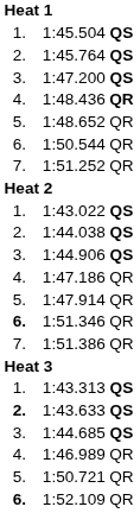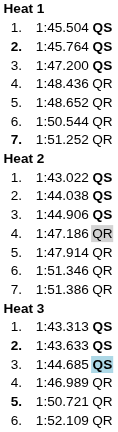 <table style="text-align:center">
 <tr>
 <td colspan=4 align=left><strong>Heat 1</strong></td>
 </tr>
 <tr>
 <td width=30>1.</td>
 <td align=left></td>
 <td width=60>1:45.504</td>
 <td><strong>QS</strong></td>
 </tr>
 <tr>
-<td>2.</td>
+<td><strong>2.</strong></td>
 <td align=left></td>
 <td>1:45.764</td>
 <td><strong>QS</strong></td>
 </tr>
 <tr>
 <td>3.</td>
 <td align=left></td>
 <td>1:47.200</td>
 <td><strong>QS</strong></td>
 </tr>
 <tr>
 <td>4.</td>
 <td align=left></td>
 <td>1:48.436</td>
-<td><strong>QR</strong></td>
+<td>QR</td>
 </tr>
 <tr>
 <td>5.</td>
 <td align=left></td>
 <td>1:48.652</td>
 <td>QR</td>
 </tr>
 <tr>
 <td>6.</td>
 <td align=left></td>
 <td>1:50.544</td>
 <td>QR</td>
 </tr>
 <tr>
-<td>7.</td>
+<td><strong>7.</strong></td>
 <td align=left></td>
 <td>1:51.252</td>
 <td>QR</td>
 </tr>
 <tr>
 <td colspan=4 align=left><strong>Heat 2</strong></td>
 </tr>
 <tr>
 <td>1.</td>
 <td align=left></td>
 <td>1:43.022</td>
 <td><strong>QS</strong></td>
 </tr>
 <tr>
 <td>2.</td>
 <td align=left></td>
 <td>1:44.038</td>
 <td><strong>QS</strong></td>
 </tr>
 <tr>
 <td>3.</td>
 <td align=left></td>
 <td>1:44.906</td>
 <td><strong>QS</strong></td>
 </tr>
 <tr>
 <td>4.</td>
 <td align=left></td>
 <td>1:47.186</td>
-<td>QR</td>
+<td style="background: lightgrey;">QR</td>
 </tr>
 <tr>
 <td>5.</td>
 <td align=left></td>
 <td>1:47.914</td>
 <td>QR</td>
 </tr>
 <tr>
-<td><strong>6.</strong></td>
+<td>6.</td>
 <td align=left></td>
 <td>1:51.346</td>
 <td>QR</td>
 </tr>
 <tr>
 <td>7.</td>
 <td align=left></td>
 <td>1:51.386</td>
 <td>QR</td>
 </tr>
 <tr>
 <td colspan=4 align=left><strong>Heat 3</strong></td>
 </tr>
 <tr>
 <td>1.</td>
 <td align=left></td>
 <td>1:43.313</td>
 <td><strong>QS</strong></td>
 </tr>
 <tr>
 <td><strong>2.</strong></td>
 <td align=left></td>
 <td>1:43.633</td>
 <td><strong>QS</strong></td>
 </tr>
 <tr>
 <td>3.</td>
 <td align=left></td>
 <td>1:44.685</td>
-<td><strong>QS</strong></td>
+<td style="background: lightblue;"><strong>QS</strong></td>
 </tr>
 <tr>
 <td>4.</td>
 <td align=left></td>
 <td>1:46.989</td>
 <td>QR</td>
 </tr>
 <tr>
-<td>5.</td>
+<td><strong>5.</strong></td>
 <td align=left></td>
 <td>1:50.721</td>
 <td>QR</td>
 </tr>
 <tr>
-<td><strong>6.</strong></td>
+<td>6.</td>
 <td align=left></td>
 <td>1:52.109</td>
 <td>QR</td>
 </tr>
 </table>
